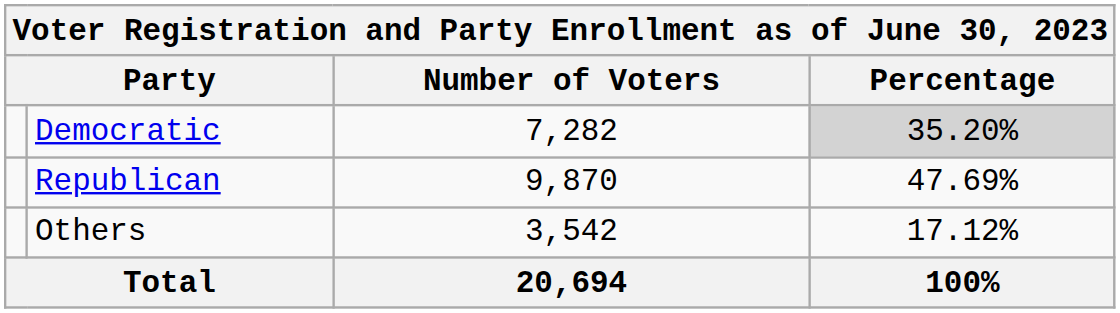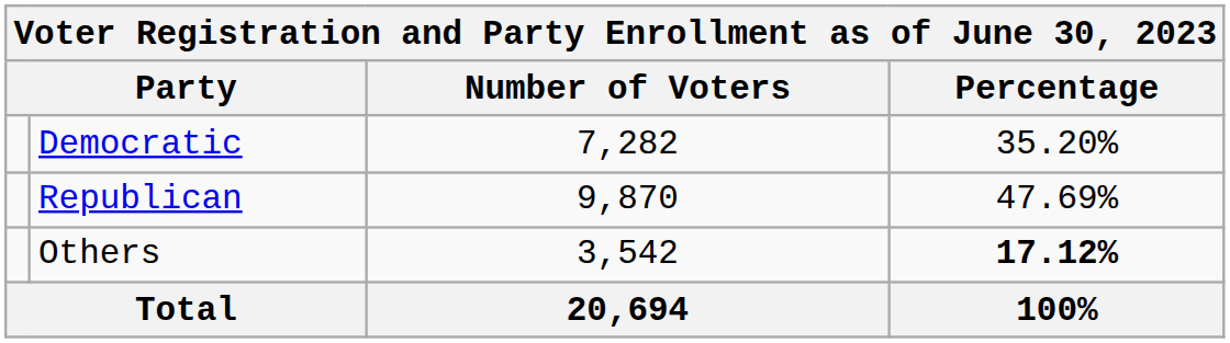 <table class=wikitable>
 <tr>
 <th colspan = 6>Voter Registration and Party Enrollment as of June 30, 2023</th>
 </tr>
 <tr>
 <th colspan = 2>Party</th>
 <th>Number of Voters</th>
 <th>Percentage</th>
 </tr>
 <tr>
 <td></td>
 <td><a href='#'>Democratic</a></td>
 <td align = center>7,282</td>
-<td align = center style="background: lightgrey;">35.20%</td>
+<td align = center>35.20%</td>
 </tr>
 <tr>
 <td></td>
 <td><a href='#'>Republican</a></td>
 <td align = center>9,870</td>
 <td align = center>47.69%</td>
 </tr>
 <tr>
 <td></td>
 <td>Others</td>
 <td align = center>3,542</td>
-<td align = center>17.12%</td>
+<td align = center><strong>17.12%</strong></td>
 </tr>
 <tr>
 <th colspan = 2>Total</th>
 <th align = center>20,694</th>
 <th align = center>100%</th>
 </tr>
 </table>
